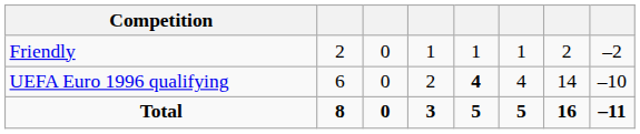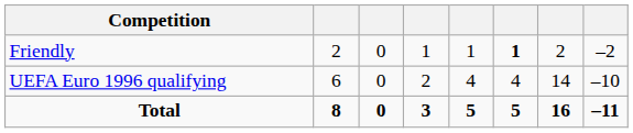 <table class="wikitable" style="text-align: center;">
 <tr>
 <th width=250>Competition</th>
 <th width=30></th>
 <th width=30></th>
 <th width=30></th>
 <th width=30></th>
 <th width=30></th>
 <th width=30></th>
 <th width=30></th>
 </tr>
 <tr>
 <td align=left><a href='#'>Friendly</a></td>
 <td>2</td>
 <td>0</td>
 <td>1</td>
 <td>1</td>
-<td>1</td>
+<td><strong>1</strong></td>
 <td>2</td>
 <td>–2</td>
 </tr>
 <tr>
 <td align=left><a href='#'>UEFA Euro 1996 qualifying</a></td>
 <td>6</td>
 <td>0</td>
 <td>2</td>
-<td><strong>4</strong></td>
+<td>4</td>
 <td>4</td>
 <td>14</td>
 <td>–10</td>
 </tr>
 <tr>
 <td><strong>Total</strong></td>
 <td><strong>8</strong></td>
 <td><strong>0</strong></td>
 <td><strong>3</strong></td>
 <td><strong>5</strong></td>
 <td><strong>5</strong></td>
 <td><strong>16</strong></td>
 <td><strong>–11</strong></td>
 </tr>
 </table>
